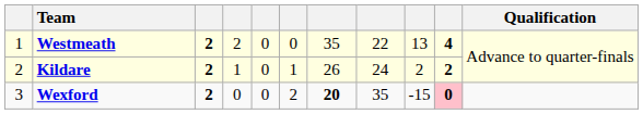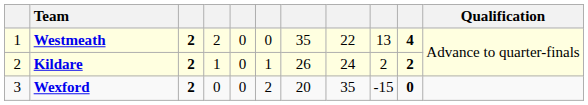 <table class="wikitable" style="text-align:center">
 <tr>
 <th width=20></th>
 <th width=150 style="text-align:left;">Team</th>
 <th width=20></th>
 <th width=20></th>
 <th width=20></th>
 <th width=20></th>
 <th width=40></th>
 <th width=40></th>
 <th width=20></th>
 <th width=20></th>
 <th>Qualification</th>
 </tr>
 <tr style="background:#FFFFE0">
 <td>1</td>
 <td align=left><strong> <a href='#'>Westmeath</a> </strong></td>
 <td><strong>2</strong></td>
 <td>2</td>
 <td>0</td>
 <td>0</td>
 <td>35</td>
 <td>22</td>
 <td>13</td>
 <td><strong>4</strong></td>
 <td rowspan="2">Advance to quarter-finals</td>
 </tr>
 <tr style="background:#FFFFE0">
 <td>2</td>
 <td align=left><strong> <a href='#'>Kildare</a> </strong></td>
 <td><strong>2</strong></td>
 <td>1</td>
 <td>0</td>
 <td>1</td>
 <td>26</td>
 <td>24</td>
 <td>2</td>
 <td><strong>2</strong></td>
 </tr>
 <tr>
 <td>3</td>
 <td align=left><strong> <a href='#'>Wexford</a> </strong></td>
 <td><strong>2</strong></td>
 <td>0</td>
 <td>0</td>
 <td>2</td>
-<td><strong>20</strong></td>
+<td>20</td>
 <td>35</td>
 <td>-15</td>
-<td style="background: pink;"><strong>0</strong></td>
+<td><strong>0</strong></td>
 <td></td>
 </tr>
 </table>
